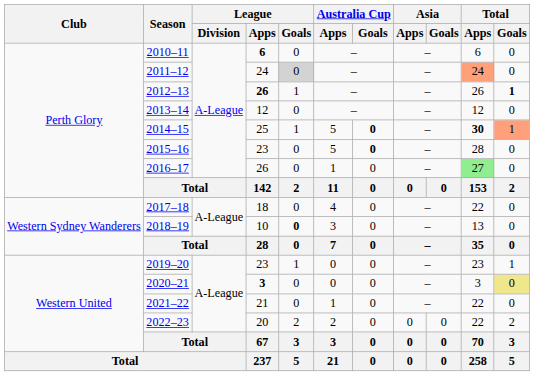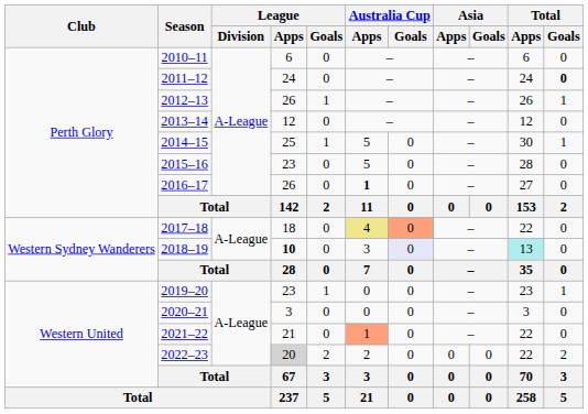 <table class="wikitable" style="text-align: center;">
 <tr>
 <th rowspan="2">Club</th>
 <th rowspan="2">Season</th>
 <th colspan="3">League</th>
 <th colspan="2"><a href='#'>Australia Cup</a></th>
 <th colspan="2">Asia</th>
 <th colspan="2">Total</th>
 </tr>
 <tr>
 <th>Division</th>
 <th>Apps</th>
 <th>Goals</th>
 <th>Apps</th>
 <th>Goals</th>
 <th>Apps</th>
 <th>Goals</th>
 <th>Apps</th>
 <th>Goals</th>
 </tr>
 <tr>
 <td rowspan="8"><a href='#'>Perth Glory</a></td>
 <td><a href='#'>2010–11</a></td>
 <td rowspan=7><a href='#'>A-League</a></td>
-<td><strong>6</strong></td>
+<td>6</td>
 <td>0</td>
 <td colspan="2">–</td>
 <td colspan="2">–</td>
 <td>6</td>
 <td>0</td>
 </tr>
 <tr>
 <td><a href='#'>2011–12</a></td>
 <td>24</td>
-<td style="background: lightgrey;">0</td>
+<td>0</td>
 <td colspan="2">–</td>
 <td colspan="2">–</td>
-<td style="background: lightsalmon;">24</td>
-<td>0</td>
+<td>24</td>
+<td><strong>0</strong></td>
 </tr>
 <tr>
 <td><a href='#'>2012–13</a></td>
-<td><strong>26</strong></td>
+<td>26</td>
 <td>1</td>
 <td colspan="2">–</td>
 <td colspan="2">–</td>
 <td>26</td>
-<td><strong>1</strong></td>
+<td>1</td>
 </tr>
 <tr>
 <td><a href='#'>2013–14</a></td>
 <td>12</td>
 <td>0</td>
 <td colspan="2">–</td>
 <td colspan="2">–</td>
 <td>12</td>
 <td>0</td>
 </tr>
 <tr>
 <td><a href='#'>2014–15</a></td>
 <td>25</td>
 <td>1</td>
 <td>5</td>
-<td><strong>0</strong></td>
+<td>0</td>
 <td colspan="2">–</td>
-<td><strong>30</strong></td>
-<td style="background: lightsalmon;">1</td>
+<td>30</td>
+<td>1</td>
 </tr>
 <tr>
 <td><a href='#'>2015–16</a></td>
 <td>23</td>
 <td>0</td>
 <td>5</td>
-<td><strong>0</strong></td>
+<td>0</td>
 <td colspan="2">–</td>
 <td>28</td>
 <td>0</td>
 </tr>
 <tr>
 <td><a href='#'>2016–17</a></td>
 <td>26</td>
 <td>0</td>
-<td>1</td>
+<td><strong>1</strong></td>
 <td>0</td>
 <td colspan="2">–</td>
-<td style="background: lightgreen;">27</td>
+<td>27</td>
 <td>0</td>
 </tr>
 <tr>
 <th colspan=2>Total</th>
 <th>142</th>
 <th>2</th>
 <th>11</th>
 <th>0</th>
 <th>0</th>
 <th>0</th>
 <th>153</th>
 <th>2</th>
 </tr>
 <tr>
 <td rowspan=3><a href='#'>Western Sydney Wanderers</a></td>
 <td><a href='#'>2017–18</a></td>
 <td rowspan=2>A-League</td>
 <td>18</td>
 <td>0</td>
-<td>4</td>
-<td>0</td>
+<td style="background: khaki;">4</td>
+<td style="background: lightsalmon;">0</td>
 <td colspan="2">–</td>
 <td>22</td>
 <td>0</td>
 </tr>
 <tr>
 <td><a href='#'>2018–19</a></td>
-<td>10</td>
-<td><strong>0</strong></td>
+<td><strong>10</strong></td>
+<td>0</td>
 <td>3</td>
-<td>0</td>
+<td style="background: lavender;">0</td>
 <td colspan="2">–</td>
-<td>13</td>
+<td style="background: paleturquoise;">13</td>
 <td>0</td>
 </tr>
 <tr>
 <th colspan=2>Total</th>
 <th>28</th>
 <th>0</th>
 <th>7</th>
 <th>0</th>
 <th colspan="2">–</th>
 <th>35</th>
 <th>0</th>
 </tr>
 <tr>
 <td rowspan=5><a href='#'>Western United</a></td>
 <td><a href='#'>2019–20</a></td>
 <td rowspan=4>A-League</td>
 <td>23</td>
 <td>1</td>
 <td>0</td>
 <td>0</td>
 <td colspan="2">–</td>
 <td>23</td>
 <td>1</td>
 </tr>
 <tr>
 <td><a href='#'>2020–21</a></td>
-<td><strong>3</strong></td>
+<td>3</td>
 <td>0</td>
 <td>0</td>
 <td>0</td>
 <td colspan="2">–</td>
 <td>3</td>
-<td style="background: khaki;">0</td>
+<td>0</td>
 </tr>
 <tr>
 <td><a href='#'>2021–22</a></td>
 <td>21</td>
 <td>0</td>
-<td>1</td>
+<td style="background: lightsalmon;">1</td>
 <td>0</td>
 <td colspan="2">–</td>
 <td>22</td>
 <td>0</td>
 </tr>
 <tr>
 <td><a href='#'>2022–23</a></td>
-<td>20</td>
+<td style="background: lightgrey;">20</td>
 <td>2</td>
 <td>2</td>
 <td>0</td>
 <td>0</td>
 <td>0</td>
 <td>22</td>
 <td>2</td>
 </tr>
 <tr>
 <th colspan=2>Total</th>
 <th>67</th>
 <th>3</th>
 <th>3</th>
 <th>0</th>
 <th>0</th>
 <th>0</th>
 <th>70</th>
 <th>3</th>
 </tr>
 <tr>
 <th colspan="3">Total</th>
 <th>237</th>
 <th>5</th>
 <th>21</th>
 <th>0</th>
 <th>0</th>
 <th>0</th>
 <th>258</th>
 <th>5</th>
 </tr>
 </table>
